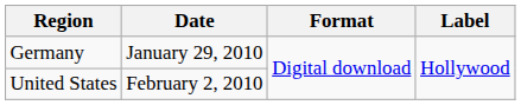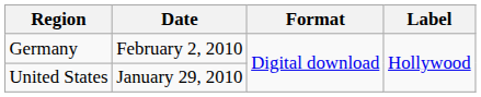 <table class=wikitable>
 <tr>
 <th>Region</th>
 <th>Date</th>
 <th>Format</th>
 <th>Label</th>
 </tr>
 <tr>
 <td>Germany</td>
-<td>January 29, 2010</td>
+<td>February 2, 2010</td>
 <td rowspan="2"><a href='#'>Digital download</a></td>
 <td rowspan="2"><a href='#'>Hollywood</a></td>
 </tr>
 <tr>
 <td>United States</td>
-<td>February 2, 2010</td>
+<td>January 29, 2010</td>
 </tr>
 </table>
